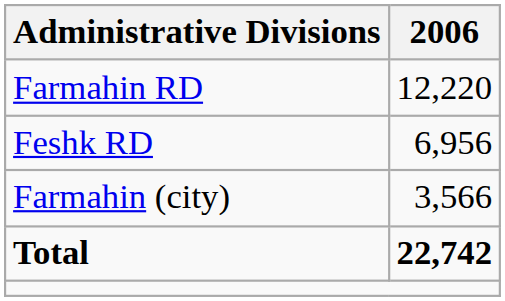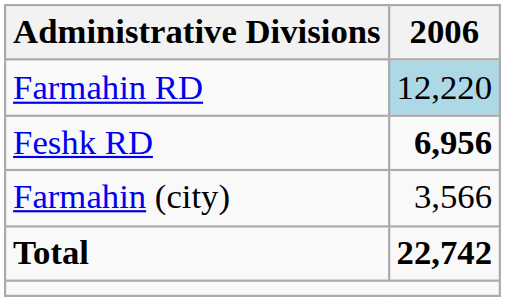 <table class="wikitable">
 <tr>
 <th>Administrative Divisions</th>
 <th>2006</th>
 </tr>
 <tr>
 <td><a href='#'>Farmahin RD</a></td>
-<td style="text-align: right;">12,220</td>
+<td style="background: lightblue; text-align: right;">12,220</td>
 </tr>
 <tr>
 <td><a href='#'>Feshk RD</a></td>
-<td style="text-align: right;">6,956</td>
+<td style="text-align: right;"><strong>6,956</strong></td>
 </tr>
 <tr>
 <td><a href='#'>Farmahin</a> (city)</td>
 <td style="text-align: right;">3,566</td>
 </tr>
 <tr>
 <td><strong>Total</strong></td>
 <td style="text-align: right;"><strong>22,742</strong></td>
 </tr>
 <tr>
 <td colspan=4></td>
 </tr>
 </table>
